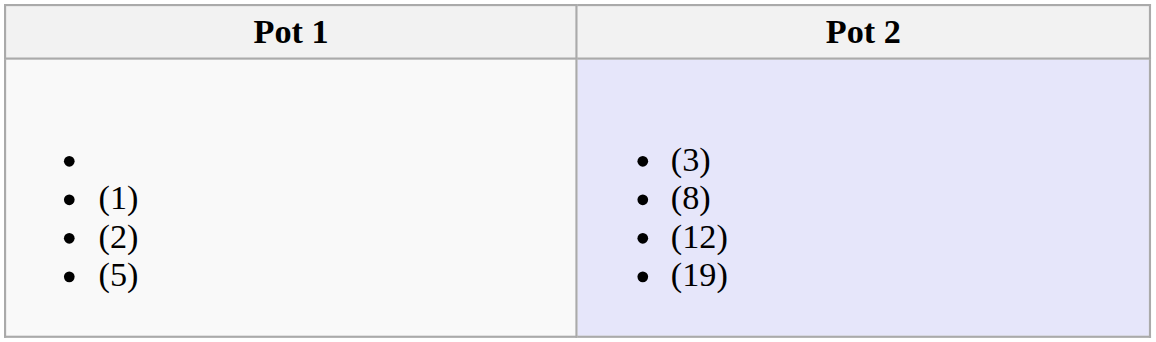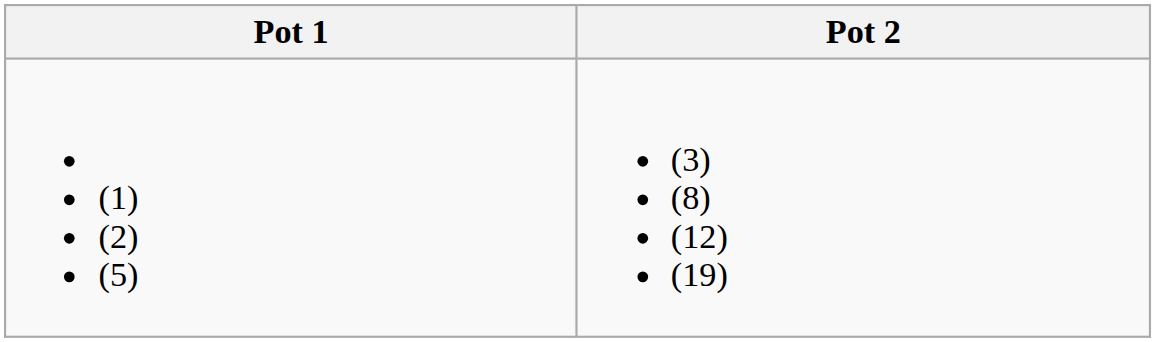 <table class="wikitable">
 <tr>
 <th width=260>Pot 1</th>
 <th width=260>Pot 2</th>
 </tr>
 <tr>
 <td><br><ul><li></li><li> (1)</li><li> (2)</li><li> (5)</li></ul></td>
-<td style="background: lavender;"><br><ul><li> (3)</li><li> (8)</li><li> (12)</li><li> (19)</li></ul></td>
+<td><br><ul><li> (3)</li><li> (8)</li><li> (12)</li><li> (19)</li></ul></td>
 </tr>
 </table>
